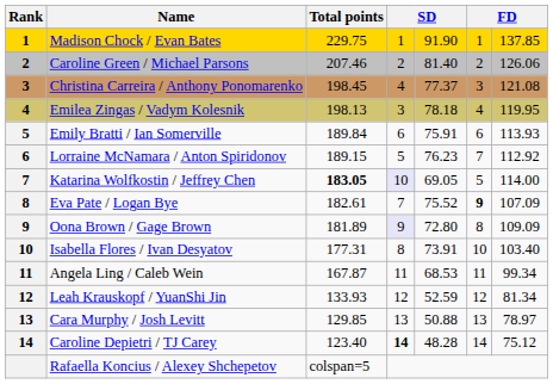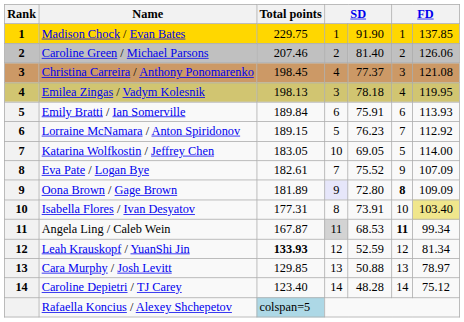 <table class="wikitable sortable">
 <tr>
 <th>Rank</th>
 <th>Name</th>
 <th>Total points</th>
 <th colspan="2" width="80px"><a href='#'>SD</a></th>
 <th colspan="2" width="80px"><a href='#'>FD</a></th>
 </tr>
 <tr bgcolor="gold">
 <td align="center"><strong>1</strong></td>
 <td><a href='#'>Madison Chock</a> / <a href='#'>Evan Bates</a></td>
 <td align="center">229.75</td>
 <td align="center">1</td>
 <td align="center">91.90</td>
 <td align="center">1</td>
 <td align="center">137.85</td>
 </tr>
 <tr bgcolor="silver">
 <td align="center"><strong>2</strong></td>
 <td><a href='#'>Caroline Green</a> / <a href='#'>Michael Parsons</a></td>
 <td align="center">207.46</td>
 <td align="center">2</td>
 <td align="center">81.40</td>
 <td align="center">2</td>
 <td align="center">126.06</td>
 </tr>
 <tr bgcolor="cc9966">
 <td align="center"><strong>3</strong></td>
 <td><a href='#'>Christina Carreira</a> / <a href='#'>Anthony Ponomarenko</a></td>
 <td align="center">198.45</td>
 <td align="center">4</td>
 <td align="center">77.37</td>
 <td align="center">3</td>
 <td align="center">121.08</td>
 </tr>
 <tr bgcolor="#d1c571">
 <td align="center"><strong>4</strong></td>
 <td><a href='#'>Emilea Zingas</a> / <a href='#'>Vadym Kolesnik</a></td>
 <td align="center">198.13</td>
 <td align="center">3</td>
 <td align="center">78.18</td>
 <td align="center">4</td>
 <td align="center">119.95</td>
 </tr>
 <tr>
 <th>5</th>
 <td><a href='#'>Emily Bratti</a> / <a href='#'>Ian Somerville</a></td>
 <td align="center">189.84</td>
 <td align="center">6</td>
 <td align="center">75.91</td>
 <td align="center">6</td>
 <td align="center">113.93</td>
 </tr>
 <tr>
 <th>6</th>
 <td><a href='#'>Lorraine McNamara</a> / <a href='#'>Anton Spiridonov</a></td>
 <td align="center">189.15</td>
 <td align="center">5</td>
 <td align="center">76.23</td>
 <td align="center">7</td>
 <td align="center">112.92</td>
 </tr>
 <tr>
 <th>7</th>
 <td><a href='#'>Katarina Wolfkostin</a> / <a href='#'>Jeffrey Chen</a></td>
-<td align="center"><strong>183.05</strong></td>
-<td align="center" style="background: lavender;">10</td>
+<td align="center">183.05</td>
+<td align="center">10</td>
 <td align="center">69.05</td>
 <td align="center">5</td>
 <td align="center">114.00</td>
 </tr>
 <tr>
 <th>8</th>
 <td><a href='#'>Eva Pate</a> / <a href='#'>Logan Bye</a></td>
 <td align="center">182.61</td>
 <td align="center">7</td>
 <td align="center">75.52</td>
-<td align="center"><strong>9</strong></td>
+<td align="center">9</td>
 <td align="center">107.09</td>
 </tr>
 <tr>
 <th>9</th>
 <td><a href='#'>Oona Brown</a> / <a href='#'>Gage Brown</a></td>
 <td align="center">181.89</td>
 <td align="center" style="background: lavender;">9</td>
 <td align="center">72.80</td>
-<td align="center">8</td>
+<td align="center"><strong>8</strong></td>
 <td align="center">109.09</td>
 </tr>
 <tr>
 <th>10</th>
 <td><a href='#'>Isabella Flores</a> / <a href='#'>Ivan Desyatov</a></td>
 <td align="center">177.31</td>
 <td align="center">8</td>
 <td align="center">73.91</td>
 <td align="center">10</td>
-<td align="center">103.40</td>
+<td align="center" style="background: khaki;">103.40</td>
 </tr>
 <tr>
 <th>11</th>
 <td>Angela Ling / Caleb Wein</td>
 <td align="center">167.87</td>
-<td align="center">11</td>
+<td align="center" style="background: lightgrey;">11</td>
 <td align="center">68.53</td>
-<td align="center">11</td>
+<td align="center"><strong>11</strong></td>
 <td align="center">99.34</td>
 </tr>
 <tr>
 <th>12</th>
 <td><a href='#'>Leah Krauskopf</a> / <a href='#'>YuanShi Jin</a></td>
-<td align="center">133.93</td>
+<td align="center"><strong>133.93</strong></td>
 <td align="center">12</td>
 <td align="center">52.59</td>
 <td align="center">12</td>
 <td align="center">81.34</td>
 </tr>
 <tr>
 <th>13</th>
 <td><a href='#'>Cara Murphy</a> / <a href='#'>Josh Levitt</a></td>
 <td align="center">129.85</td>
 <td align="center">13</td>
 <td align="center">50.88</td>
 <td align="center">13</td>
 <td align="center">78.97</td>
 </tr>
 <tr>
 <th>14</th>
 <td><a href='#'>Caroline Depietri</a> / <a href='#'>TJ Carey</a></td>
 <td align="center">123.40</td>
-<td align="center"><strong>14</strong></td>
+<td align="center">14</td>
 <td align="center">48.28</td>
 <td align="center">14</td>
 <td align="center">75.12</td>
 </tr>
 <tr>
 <th></th>
 <td><a href='#'>Rafaella Koncius</a> / <a href='#'>Alexey Shchepetov</a></td>
-<td>colspan=5 </td>
+<td style="background: lightblue;">colspan=5 </td>
 </tr>
 </table>
